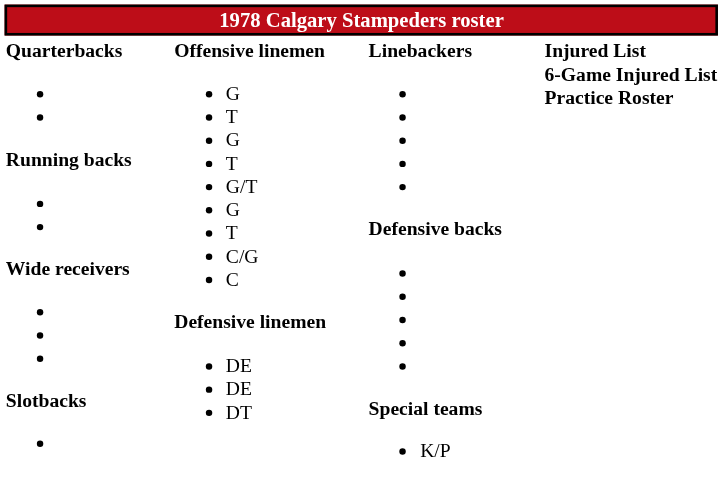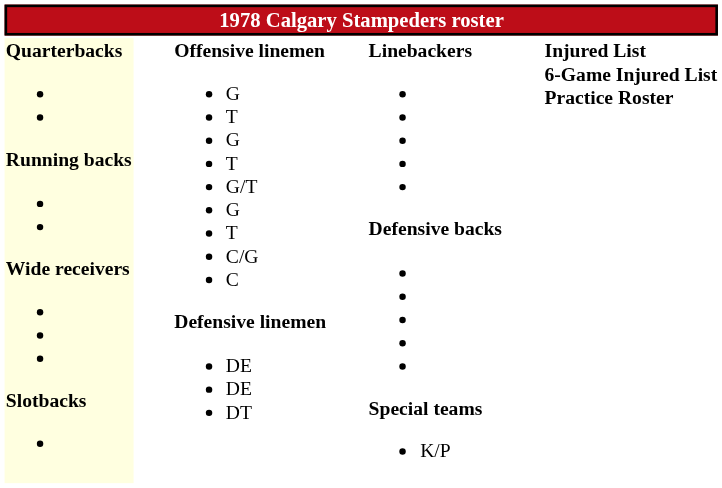 <table class="toccolours" style="text-align: left;">
 <tr>
 <th colspan="9" style="background-color: #BD0D18; color:white; border:2px solid black; text-align: center">1978 Calgary Stampeders roster</th>
 </tr>
 <tr>
-<td style="font-size: 95%;vertical-align:top;"><strong>Quarterbacks</strong><br><ul><li></li><li></li></ul><strong>Running backs</strong><ul><li></li><li></li></ul><strong>Wide receivers</strong><ul><li></li><li></li><li></li></ul><strong>Slotbacks</strong><ul><li></li></ul></td>
+<td style="background: lightyellow; font-size: 95%;vertical-align:top;"><strong>Quarterbacks</strong><br><ul><li></li><li></li></ul><strong>Running backs</strong><ul><li></li><li></li></ul><strong>Wide receivers</strong><ul><li></li><li></li><li></li></ul><strong>Slotbacks</strong><ul><li></li></ul></td>
 <td style="width: 25px;"></td>
 <td style="font-size: 95%;vertical-align:top;"><strong>Offensive linemen</strong><br><ul><li> G</li><li> T</li><li> G</li><li> T</li><li> G/T</li><li> G</li><li> T</li><li> C/G</li><li> C</li></ul><strong>Defensive linemen</strong><ul><li> DE</li><li> DE</li><li> DT</li></ul></td>
 <td style="width: 25px;"></td>
 <td style="font-size: 95%;vertical-align:top;"><strong>Linebackers </strong><br><ul><li></li><li></li><li></li><li></li><li></li></ul><strong>Defensive backs</strong><ul><li></li><li></li><li></li><li></li><li></li></ul><strong>Special teams</strong><ul><li> K/P</li></ul></td>
 <td style="width: 25px;"></td>
 <td style="font-size: 95%;vertical-align:top;"><strong>Injured List</strong><br><strong>6-Game Injured List</strong><br><strong>Practice Roster</strong><br></td>
 </tr>
 <tr>
 </tr>
 </table>
